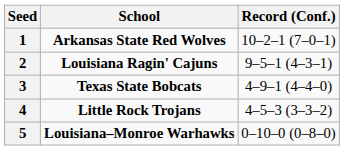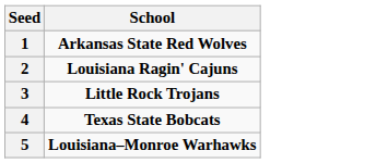 <table class="wikitable sortable" style="text-align:center; display: inline-table;">
 <tr>
 <th scope="col">Seed</th>
 <th scope="col">School</th>
-<th scope="col">Record (Conf.)</th>
 </tr>
 <tr>
 <th scope="row">1</th>
 <td style=><strong>Arkansas State Red Wolves</strong></td>
-<td>10–2–1 (7–0–1)</td>
 </tr>
 <tr>
 <th scope="row">2</th>
 <td style=><strong>Louisiana Ragin' Cajuns</strong></td>
-<td>9–5–1 (4–3–1)</td>
 </tr>
 <tr>
 <th scope="row">3</th>
-<td style=><strong>Texas State Bobcats</strong></td>
-<td>4–9–1 (4–4–0)</td>
+<td style=><strong>Little Rock Trojans</strong></td>
 </tr>
 <tr>
 <th scope="row">4</th>
-<td style=><strong>Little Rock Trojans</strong></td>
-<td>4–5–3 (3–3–2)</td>
+<td style=><strong>Texas State Bobcats</strong></td>
 </tr>
 <tr>
 <th scope="row">5</th>
 <td style=><strong>Louisiana–Monroe Warhawks</strong></td>
-<td>0–10–0 (0–8–0)</td>
 </tr>
 </table>
